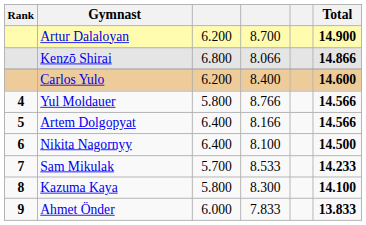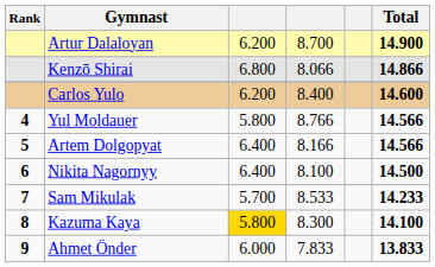 <table style="text-align:center;" class="wikitable sortable">
 <tr>
 <th scope="col" style="width:15px;"><small>Rank</small></th>
 <th scope="col" style="width:175px;">Gymnast</th>
 <th scope="col" style="width:50px;"><small></small></th>
 <th scope="col" style="width:50px;"><small></small></th>
 <th scope="col" style="width:20px;"><small></small></th>
 <th scope="col" style="width:50px;">Total</th>
 </tr>
 <tr style="background:#fffcaf;">
 <td scope="row" style="text-align:center"><strong></strong></td>
 <td style="text-align:left;"> <a href='#'>Artur Dalaloyan</a></td>
 <td>6.200</td>
 <td>8.700</td>
 <td></td>
 <td><strong>14.900</strong></td>
 </tr>
 <tr style="background:#e5e5e5;">
 <td scope="row" style="text-align:center"><strong></strong></td>
 <td style="text-align:left;"> <a href='#'>Kenzō Shirai</a></td>
 <td>6.800</td>
 <td>8.066</td>
 <td></td>
 <td><strong>14.866</strong></td>
 </tr>
 <tr>
 </tr>
 <tr style="background:#ec9;">
 <td scope="row" style="text-align:center"><strong></strong></td>
 <td style="text-align:left;"> <a href='#'>Carlos Yulo</a></td>
 <td>6.200</td>
 <td>8.400</td>
 <td></td>
 <td><strong>14.600</strong></td>
 </tr>
 <tr>
 <td scope="row" style="text-align:center"><strong>4</strong></td>
 <td style="text-align:left;"> <a href='#'>Yul Moldauer</a></td>
 <td>5.800</td>
 <td>8.766</td>
 <td></td>
 <td><strong>14.566</strong></td>
 </tr>
 <tr>
 <td scope="row" style="text-align:center"><strong>5</strong></td>
 <td style="text-align:left;"> <a href='#'>Artem Dolgopyat</a></td>
 <td>6.400</td>
 <td>8.166</td>
 <td></td>
 <td><strong>14.566</strong></td>
 </tr>
 <tr>
 <td scope="row" style="text-align:center"><strong>6</strong></td>
 <td style="text-align:left;"> <a href='#'>Nikita Nagornyy</a></td>
 <td>6.400</td>
 <td>8.100</td>
 <td></td>
 <td><strong>14.500</strong></td>
 </tr>
 <tr>
 <td scope="row" style="text-align:center"><strong>7</strong></td>
 <td style="text-align:left;"> <a href='#'>Sam Mikulak</a></td>
 <td>5.700</td>
 <td>8.533</td>
 <td></td>
 <td><strong>14.233</strong></td>
 </tr>
 <tr>
 <td scope="row" style="text-align:center"><strong>8</strong></td>
 <td style="text-align:left;"> <a href='#'>Kazuma Kaya</a></td>
-<td>5.800</td>
+<td style="background: gold;">5.800</td>
 <td>8.300</td>
 <td></td>
 <td><strong>14.100</strong></td>
 </tr>
 <tr>
 <td scope="row" style="text-align:center"><strong>9</strong></td>
 <td style="text-align:left;"> <a href='#'>Ahmet Önder</a></td>
 <td>6.000</td>
 <td>7.833</td>
 <td></td>
 <td><strong>13.833</strong></td>
 </tr>
 </table>
